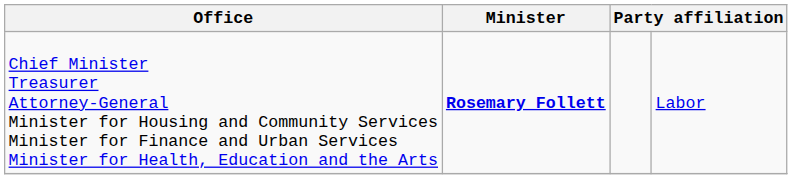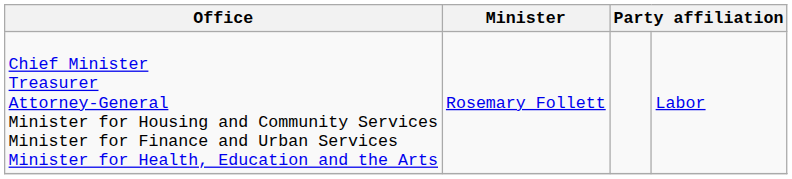 <table class="wikitable">
 <tr>
 <th>Office</th>
 <th>Minister</th>
 <th colspan=2>Party affiliation</th>
 </tr>
 <tr>
 <td><br><a href='#'>Chief Minister</a><br> <a href='#'>Treasurer</a><br> <a href='#'>Attorney-General</a><br> Minister for Housing and Community Services<br> Minister for Finance and Urban Services<br> <a href='#'>Minister for Health, Education and the Arts</a></td>
-<td><strong><a href='#'>Rosemary Follett</a></strong></td>
+<td><a href='#'>Rosemary Follett</a></td>
 <td> </td>
 <td><a href='#'>Labor</a></td>
 </tr>
 <tr>
 </tr>
 </table>
